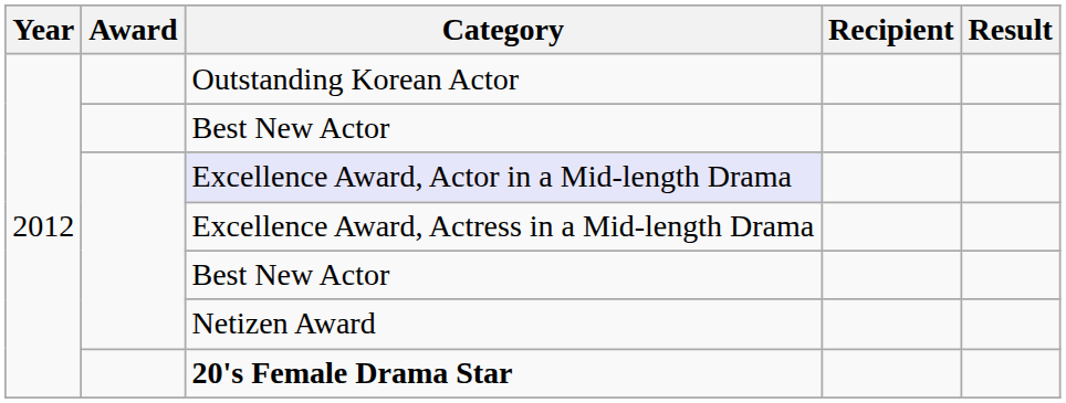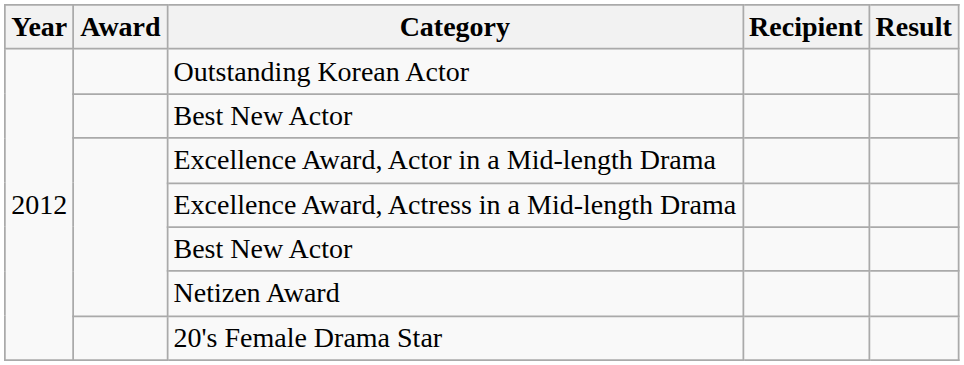 <table class="wikitable">
 <tr>
 <th>Year</th>
 <th>Award</th>
 <th>Category</th>
 <th>Recipient</th>
 <th>Result</th>
 </tr>
 <tr>
 <td rowspan="7">2012</td>
 <td></td>
 <td>Outstanding Korean Actor</td>
 <td></td>
 <td></td>
 </tr>
 <tr>
 <td></td>
 <td>Best New Actor</td>
 <td></td>
 <td></td>
 </tr>
 <tr>
 <td rowspan="4"></td>
-<td style="background: lavender;">Excellence Award, Actor in a Mid-length Drama</td>
+<td>Excellence Award, Actor in a Mid-length Drama</td>
 <td></td>
 <td></td>
 </tr>
 <tr>
 <td>Excellence Award, Actress in a Mid-length Drama</td>
 <td></td>
 <td></td>
 </tr>
 <tr>
 <td>Best New Actor</td>
 <td></td>
 <td></td>
 </tr>
 <tr>
 <td>Netizen Award</td>
 <td></td>
 <td></td>
 </tr>
 <tr>
 <td></td>
-<td><strong>20's Female Drama Star</strong></td>
+<td>20's Female Drama Star</td>
 <td></td>
 <td></td>
 </tr>
 </table>
